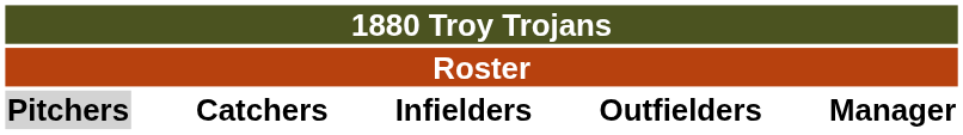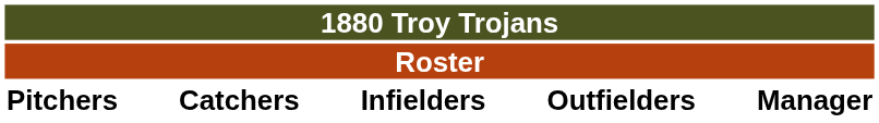 <table class="toccolours" style="font-size: 95%;">
 <tr>
 <th colspan="10" style="background-color: #4B5320; color: white; text-align: center;">1880 Troy Trojans</th>
 </tr>
 <tr>
 <td colspan="10" style="background-color: #B7410E; color: white; text-align: center;"><strong>Roster</strong></td>
 </tr>
 <tr>
-<td valign="top" style="background: lightgrey;"><strong>Pitchers</strong><br>   </td>
+<td valign="top"><strong>Pitchers</strong><br>   </td>
 <td width="25px"></td>
 <td valign="top"><strong>Catchers</strong><br>       </td>
 <td width="25px"></td>
 <td valign="top"><strong>Infielders</strong><br>     </td>
 <td width="25px"></td>
 <td valign="top"><strong>Outfielders</strong><br>    </td>
 <td width="25px"></td>
 <td valign="top"><strong>Manager</strong><br></td>
 </tr>
 </table>
